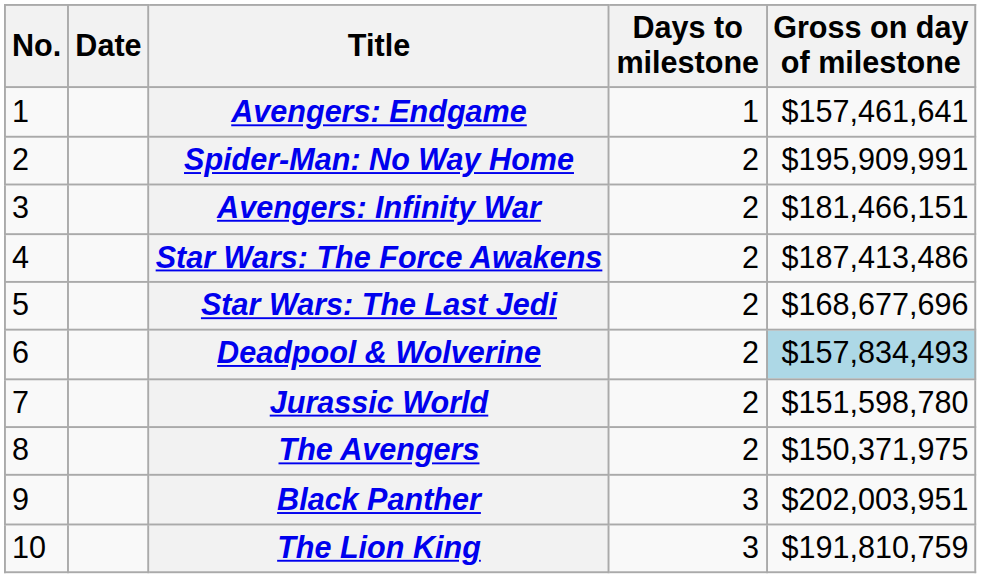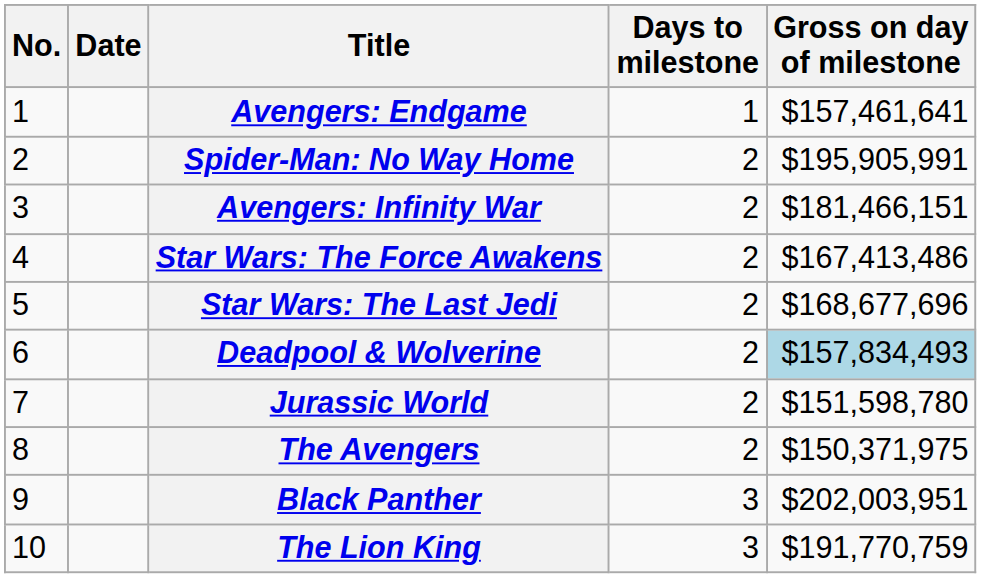 <table class="wikitable">
 <tr>
 <th scope="col">No.</th>
 <th scope="col">Date</th>
 <th scope="col">Title</th>
 <th scope="col">Days to <br>milestone</th>
 <th scope="col">Gross on day <br>of milestone</th>
 </tr>
 <tr>
 <td>1</td>
 <td></td>
 <th scope="row"><em><a href='#'>Avengers: Endgame</a></em></th>
 <td style="text-align:right;">1</td>
 <td style="text-align:right;">$157,461,641</td>
 </tr>
 <tr>
 <td>2</td>
 <td></td>
 <th scope="row"><em><a href='#'>Spider-Man: No Way Home</a></em></th>
 <td style="text-align:right;">2</td>
-<td style="text-align:right;">$195,909,991</td>
+<td style="text-align:right;">$195,905,991</td>
 </tr>
 <tr>
 <td>3</td>
 <td></td>
 <th scope="row"><em><a href='#'>Avengers: Infinity War</a></em></th>
 <td style="text-align:right;">2</td>
 <td style="text-align:right;">$181,466,151</td>
 </tr>
 <tr>
 <td>4</td>
 <td></td>
 <th scope="row"><em><a href='#'>Star Wars: The Force Awakens</a></em></th>
 <td style="text-align:right;">2</td>
-<td style="text-align:right;">$187,413,486</td>
+<td style="text-align:right;">$167,413,486</td>
 </tr>
 <tr>
 <td>5</td>
 <td></td>
 <th scope="row"><em><a href='#'>Star Wars: The Last Jedi</a></em></th>
 <td style="text-align:right;">2</td>
 <td style="text-align:right;">$168,677,696</td>
 </tr>
 <tr>
 <td>6</td>
 <td></td>
 <th scope="row"><em><a href='#'>Deadpool & Wolverine</a></em></th>
 <td style="text-align:right;">2</td>
 <td style="background: lightblue; text-align:right;">$157,834,493</td>
 </tr>
 <tr>
 <td>7</td>
 <td></td>
 <th scope="row"><em><a href='#'>Jurassic World</a></em></th>
 <td style="text-align:right;">2</td>
 <td style="text-align:right;">$151,598,780</td>
 </tr>
 <tr>
 <td>8</td>
 <td></td>
 <th scope="row"><em><a href='#'>The Avengers</a></em></th>
 <td style="text-align:right;">2</td>
 <td style="text-align:right;">$150,371,975</td>
 </tr>
 <tr>
 <td>9</td>
 <td></td>
 <th scope="row"><em><a href='#'>Black Panther</a></em></th>
 <td style="text-align:right;">3</td>
 <td style="text-align:right;">$202,003,951</td>
 </tr>
 <tr>
 <td>10</td>
 <td></td>
 <th scope="row"><em><a href='#'>The Lion King</a></em></th>
 <td style="text-align:right;">3</td>
-<td style="text-align:right;">$191,810,759</td>
+<td style="text-align:right;">$191,770,759</td>
 </tr>
 </table>
